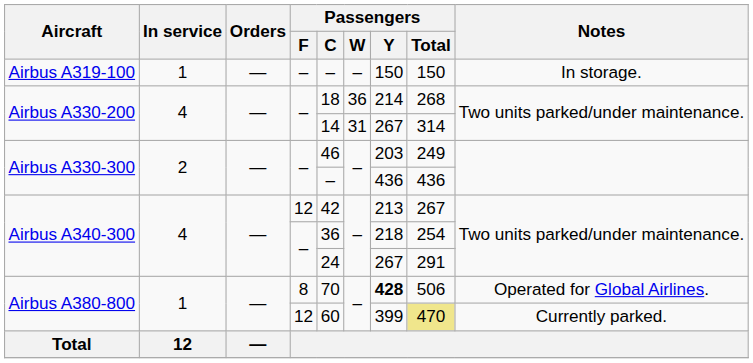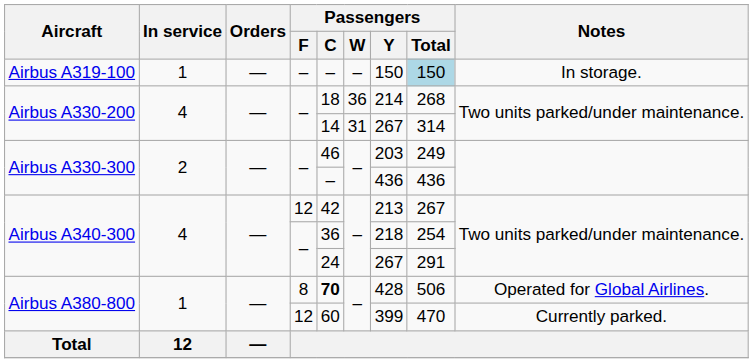 <table class="wikitable" style="text-align:center;">
 <tr>
 <th rowspan=2>Aircraft</th>
 <th rowspan=2>In service</th>
 <th rowspan=2>Orders</th>
 <th colspan=5>Passengers</th>
 <th rowspan=2>Notes</th>
 </tr>
 <tr>
 <th><abbr>F</abbr></th>
 <th><abbr>C</abbr></th>
 <th><abbr>W</abbr></th>
 <th><abbr>Y</abbr></th>
 <th>Total</th>
 </tr>
 <tr>
 <td><a href='#'>Airbus A319-100</a></td>
 <td>1</td>
 <td>—</td>
 <td>–</td>
 <td>–</td>
 <td>–</td>
 <td>150</td>
-<td>150</td>
+<td style="background: lightblue;">150</td>
 <td>In storage.</td>
 </tr>
 <tr>
 <td rowspan=2><a href='#'>Airbus A330-200</a></td>
 <td rowspan=2>4</td>
 <td rowspan=2>—</td>
 <td rowspan=2>–</td>
 <td>18</td>
 <td>36</td>
 <td>214</td>
 <td>268</td>
 <td rowspan=2>Two units parked/under maintenance.</td>
 </tr>
 <tr>
 <td>14</td>
 <td>31</td>
 <td>267</td>
 <td>314</td>
 </tr>
 <tr>
 <td rowspan=2><a href='#'>Airbus A330-300</a></td>
 <td rowspan=2>2</td>
 <td rowspan=2>—</td>
 <td rowspan=2>–</td>
 <td>46</td>
 <td rowspan=2>–</td>
 <td>203</td>
 <td>249</td>
 <td rowspan=2></td>
 </tr>
 <tr>
 <td>–</td>
 <td>436</td>
 <td>436</td>
 </tr>
 <tr>
 <td rowspan= 3><a href='#'>Airbus A340-300</a></td>
 <td rowspan=3>4</td>
 <td rowspan=3>—</td>
 <td>12</td>
 <td>42</td>
 <td rowspan=3>–</td>
 <td>213</td>
 <td>267</td>
 <td rowspan=3>Two units parked/under maintenance.</td>
 </tr>
 <tr>
 <td rowspan=2>–</td>
 <td>36</td>
 <td>218</td>
 <td>254</td>
 </tr>
 <tr>
 <td>24</td>
 <td>267</td>
 <td>291</td>
 </tr>
 <tr>
 <td rowspan="2"><a href='#'>Airbus A380-800</a></td>
 <td rowspan=2>1</td>
 <td rowspan=2>—</td>
 <td>8</td>
-<td>70</td>
+<td><strong>70</strong></td>
 <td rowspan=2>–</td>
-<td><strong>428</strong></td>
+<td>428</td>
 <td>506</td>
 <td>Operated for <a href='#'>Global Airlines</a>.</td>
 </tr>
 <tr>
 <td>12</td>
 <td>60</td>
 <td>399</td>
-<td style="background: khaki;">470</td>
+<td>470</td>
 <td>Currently parked.</td>
 </tr>
 <tr>
 <th>Total</th>
 <th>12</th>
 <th>—</th>
 <th colspan=6></th>
 </tr>
 <tr>
 </tr>
 </table>
